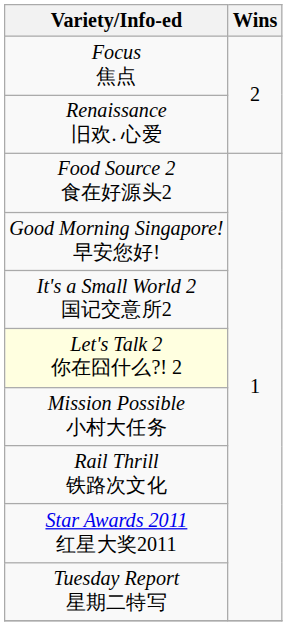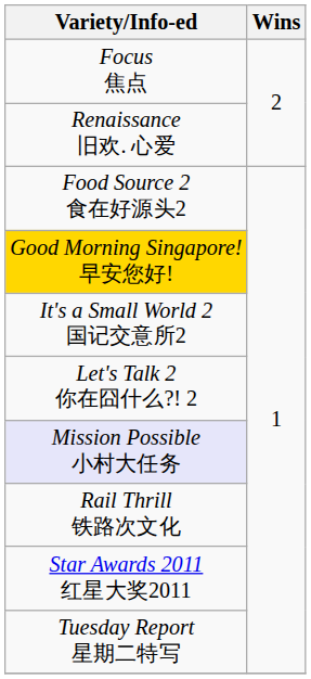 <table class="wikitable" style="text-align: center">
 <tr>
 <th>Variety/Info-ed</th>
 <th>Wins</th>
 </tr>
 <tr>
 <td><em>Focus</em><br>焦点</td>
 <td rowspan=2>2</td>
 </tr>
 <tr>
 <td><em>Renaissance</em><br>旧欢. 心爱</td>
 </tr>
 <tr>
 <td><em>Food Source 2</em><br>食在好源头2</td>
 <td rowspan=8>1</td>
 </tr>
 <tr>
-<td><em>Good Morning Singapore!</em><br>早安您好!</td>
+<td style="background: gold;"><em>Good Morning Singapore!</em><br>早安您好!</td>
 </tr>
 <tr>
 <td><em>It's a Small World 2</em><br>国记交意所2</td>
 </tr>
 <tr>
-<td style="background: lightyellow;"><em>Let's Talk 2</em><br>你在囧什么?! 2</td>
+<td><em>Let's Talk 2</em><br>你在囧什么?! 2</td>
 </tr>
 <tr>
-<td><em>Mission Possible</em><br>小村大任务</td>
+<td style="background: lavender;"><em>Mission Possible</em><br>小村大任务</td>
 </tr>
 <tr>
 <td><em>Rail Thrill</em><br>铁路次文化</td>
 </tr>
 <tr>
 <td><em><a href='#'>Star Awards 2011</a></em><br>红星大奖2011</td>
 </tr>
 <tr>
 <td><em>Tuesday Report</em><br>星期二特写</td>
 </tr>
 <tr>
 </tr>
 </table>
